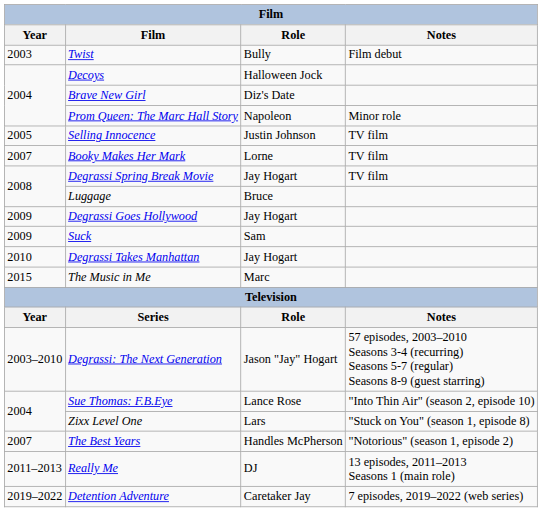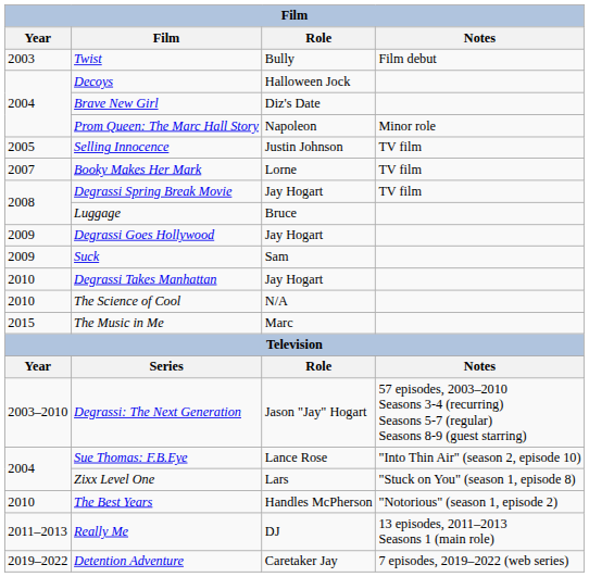 <table class="wikitable" style="font-size: 90%;">
 <tr>
 <th colspan="4" style="background: LightSteelBlue;">Film</th>
 </tr>
 <tr>
 <th>Year</th>
 <th>Film</th>
 <th>Role</th>
 <th>Notes</th>
 </tr>
 <tr>
 <td>2003</td>
 <td><em><a href='#'>Twist</a></em></td>
 <td>Bully</td>
 <td>Film debut</td>
 </tr>
 <tr>
 <td rowspan=3>2004</td>
 <td><em><a href='#'>Decoys</a></em></td>
 <td>Halloween Jock</td>
 <td></td>
 </tr>
 <tr>
 <td><em><a href='#'>Brave New Girl</a></em></td>
 <td>Diz's Date</td>
 <td></td>
 </tr>
 <tr>
 <td><em><a href='#'>Prom Queen: The Marc Hall Story</a></em></td>
 <td>Napoleon</td>
 <td>Minor role</td>
 </tr>
 <tr>
 <td>2005</td>
 <td><em><a href='#'>Selling Innocence</a></em></td>
 <td>Justin Johnson</td>
 <td>TV film</td>
 </tr>
 <tr>
 <td>2007</td>
 <td><em><a href='#'>Booky Makes Her Mark</a></em></td>
 <td>Lorne</td>
 <td>TV film</td>
 </tr>
 <tr>
 <td rowspan=2>2008</td>
 <td><em><a href='#'>Degrassi Spring Break Movie</a></em></td>
 <td>Jay Hogart</td>
 <td>TV film</td>
 </tr>
 <tr>
 <td><em>Luggage</em></td>
 <td>Bruce</td>
 <td></td>
 </tr>
 <tr>
 <td>2009</td>
 <td><em><a href='#'>Degrassi Goes Hollywood</a></em></td>
 <td>Jay Hogart</td>
 <td></td>
 </tr>
 <tr>
 <td>2009</td>
 <td><em><a href='#'>Suck</a></em></td>
 <td>Sam</td>
 <td></td>
 </tr>
 <tr>
 <td>2010</td>
 <td><em><a href='#'>Degrassi Takes Manhattan</a></em></td>
 <td>Jay Hogart</td>
 <td></td>
 </tr>
 <tr>
+<td>2010</td>
+<td><em>The Science of Cool</em></td>
+<td>N/A</td>
+<td></td>
+</tr>
+<tr>
 <td>2015</td>
 <td><em>The Music in Me</em></td>
 <td>Marc</td>
 <td></td>
 </tr>
 <tr>
 <th colspan="4" style="background: LightSteelBlue;">Television</th>
 </tr>
 <tr>
 <th>Year</th>
 <th>Series</th>
 <th>Role</th>
 <th>Notes</th>
 </tr>
 <tr>
 <td>2003–2010</td>
 <td><em><a href='#'>Degrassi: The Next Generation</a></em></td>
 <td>Jason "Jay" Hogart</td>
 <td>57 episodes, 2003–2010<br>Seasons 3-4 (recurring) <br> Seasons 5-7 (regular) <br> Seasons 8-9 (guest starring)</td>
 </tr>
 <tr>
 <td rowspan=2>2004</td>
 <td><em><a href='#'>Sue Thomas: F.B.Eye</a></em></td>
 <td>Lance Rose</td>
 <td>"Into Thin Air" (season 2, episode 10)</td>
 </tr>
 <tr>
 <td><em>Zixx Level One</em></td>
 <td>Lars</td>
 <td>"Stuck on You" (season 1, episode 8)</td>
 </tr>
 <tr>
-<td>2007</td>
+<td>2010</td>
 <td><em><a href='#'>The Best Years</a></em></td>
 <td>Handles McPherson</td>
 <td>"Notorious" (season 1, episode 2)</td>
 </tr>
 <tr>
 <td>2011–2013</td>
 <td><em><a href='#'>Really Me</a></em></td>
 <td>DJ</td>
 <td>13 episodes, 2011–2013<br>Seasons 1 (main role)</td>
 </tr>
 <tr>
 <td>2019–2022</td>
 <td><em><a href='#'>Detention Adventure</a></em></td>
 <td>Caretaker Jay</td>
 <td>7 episodes, 2019–2022 (web series)</td>
 </tr>
 </table>
